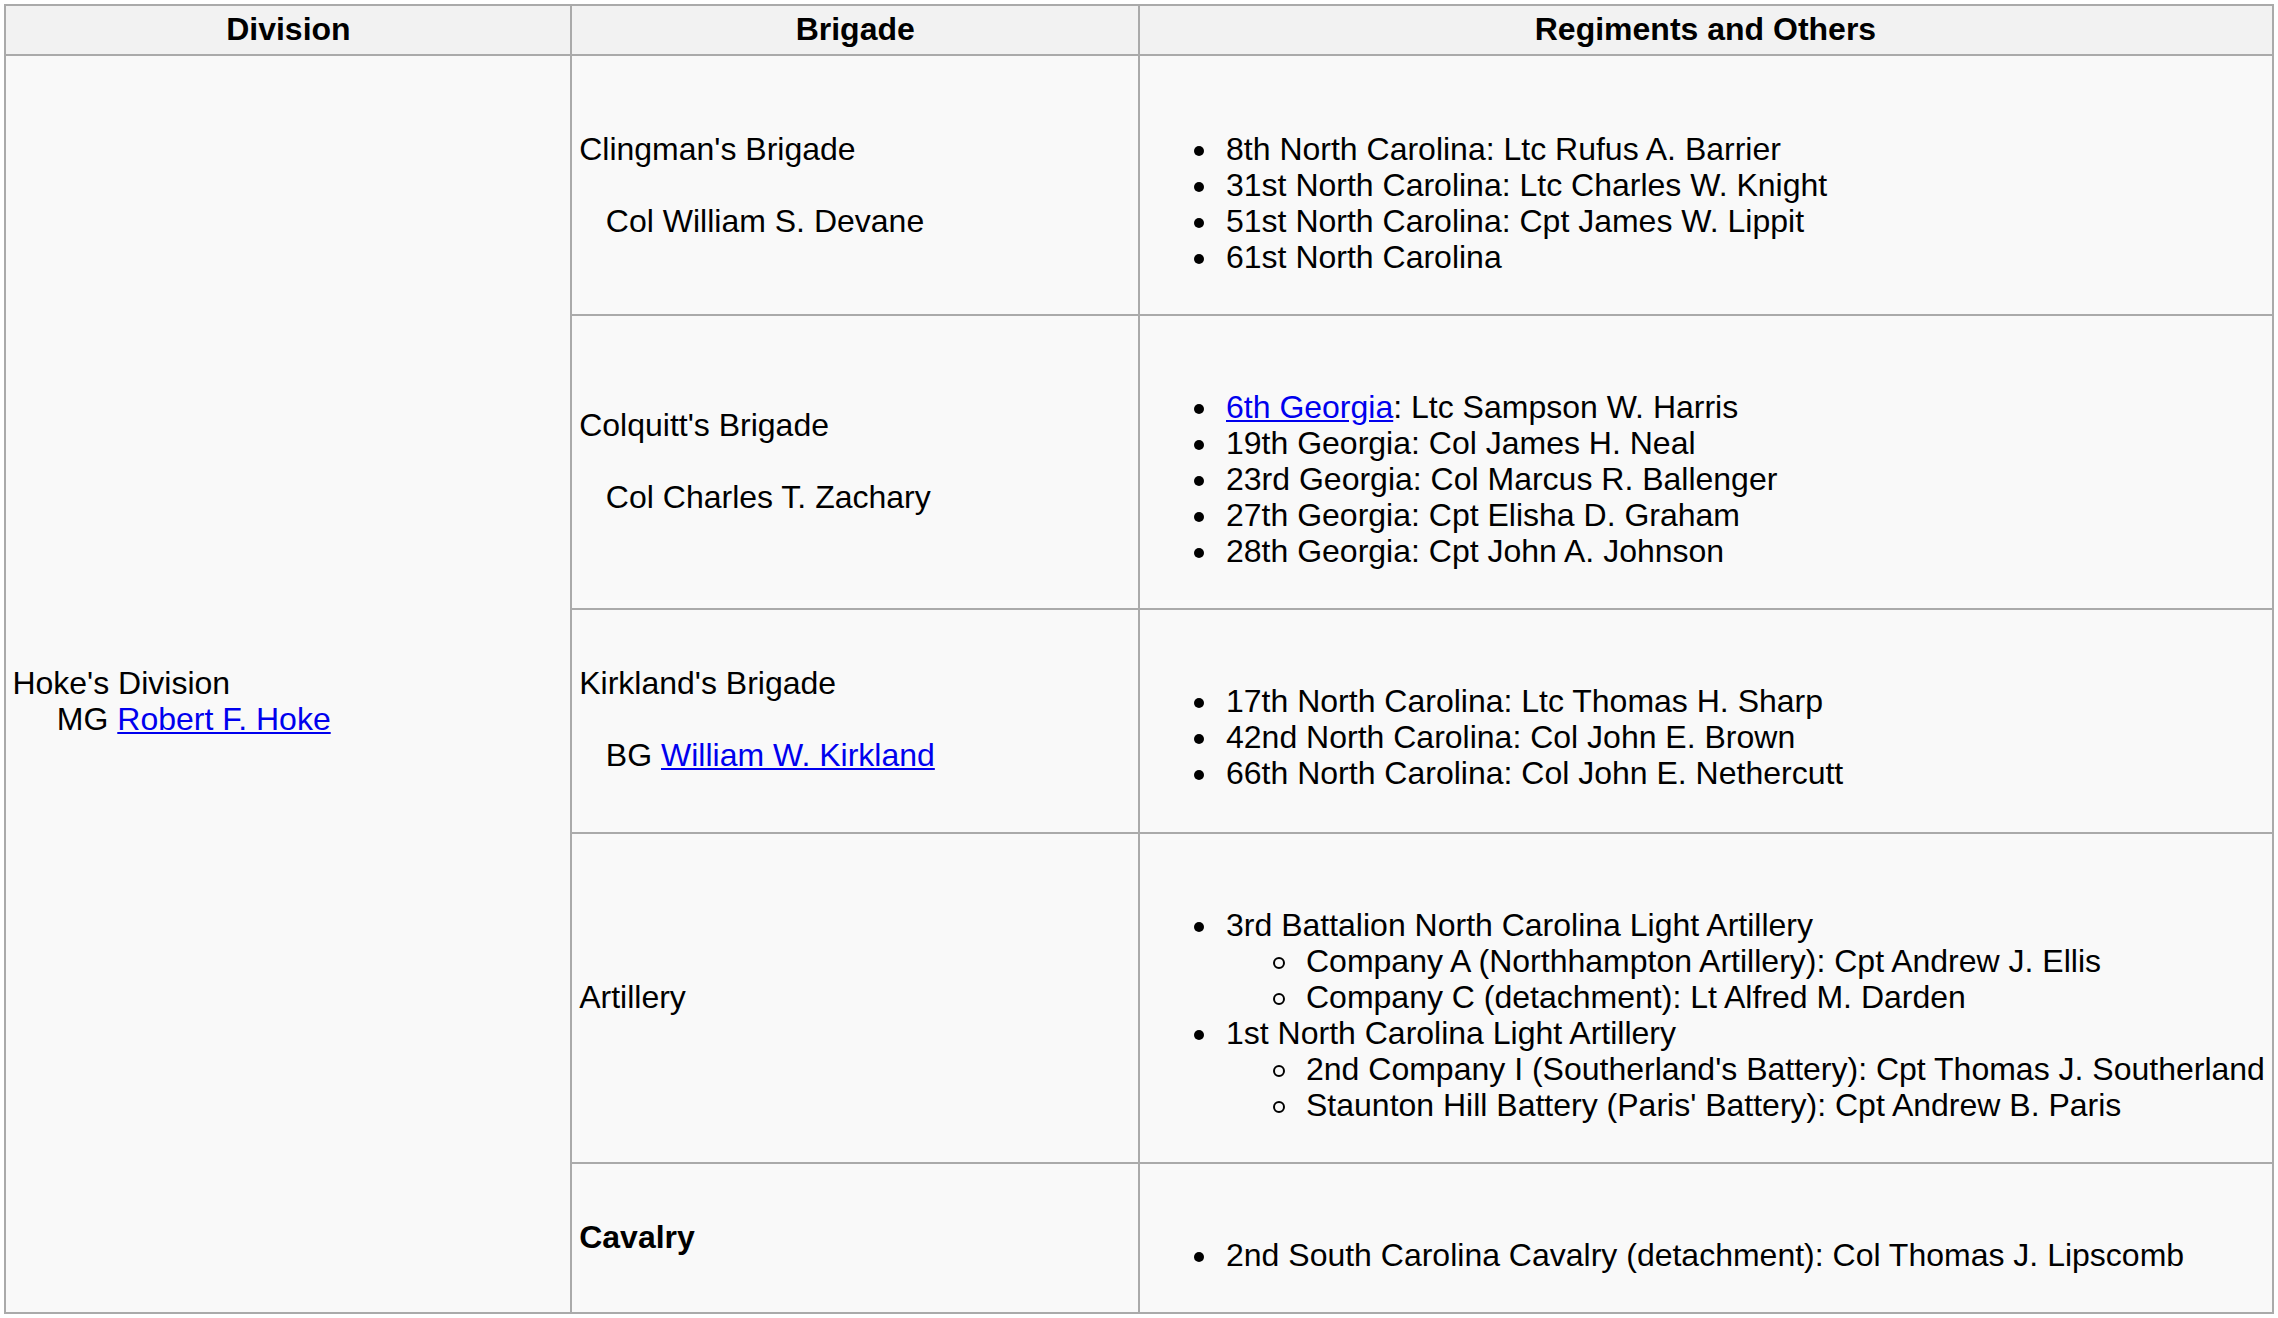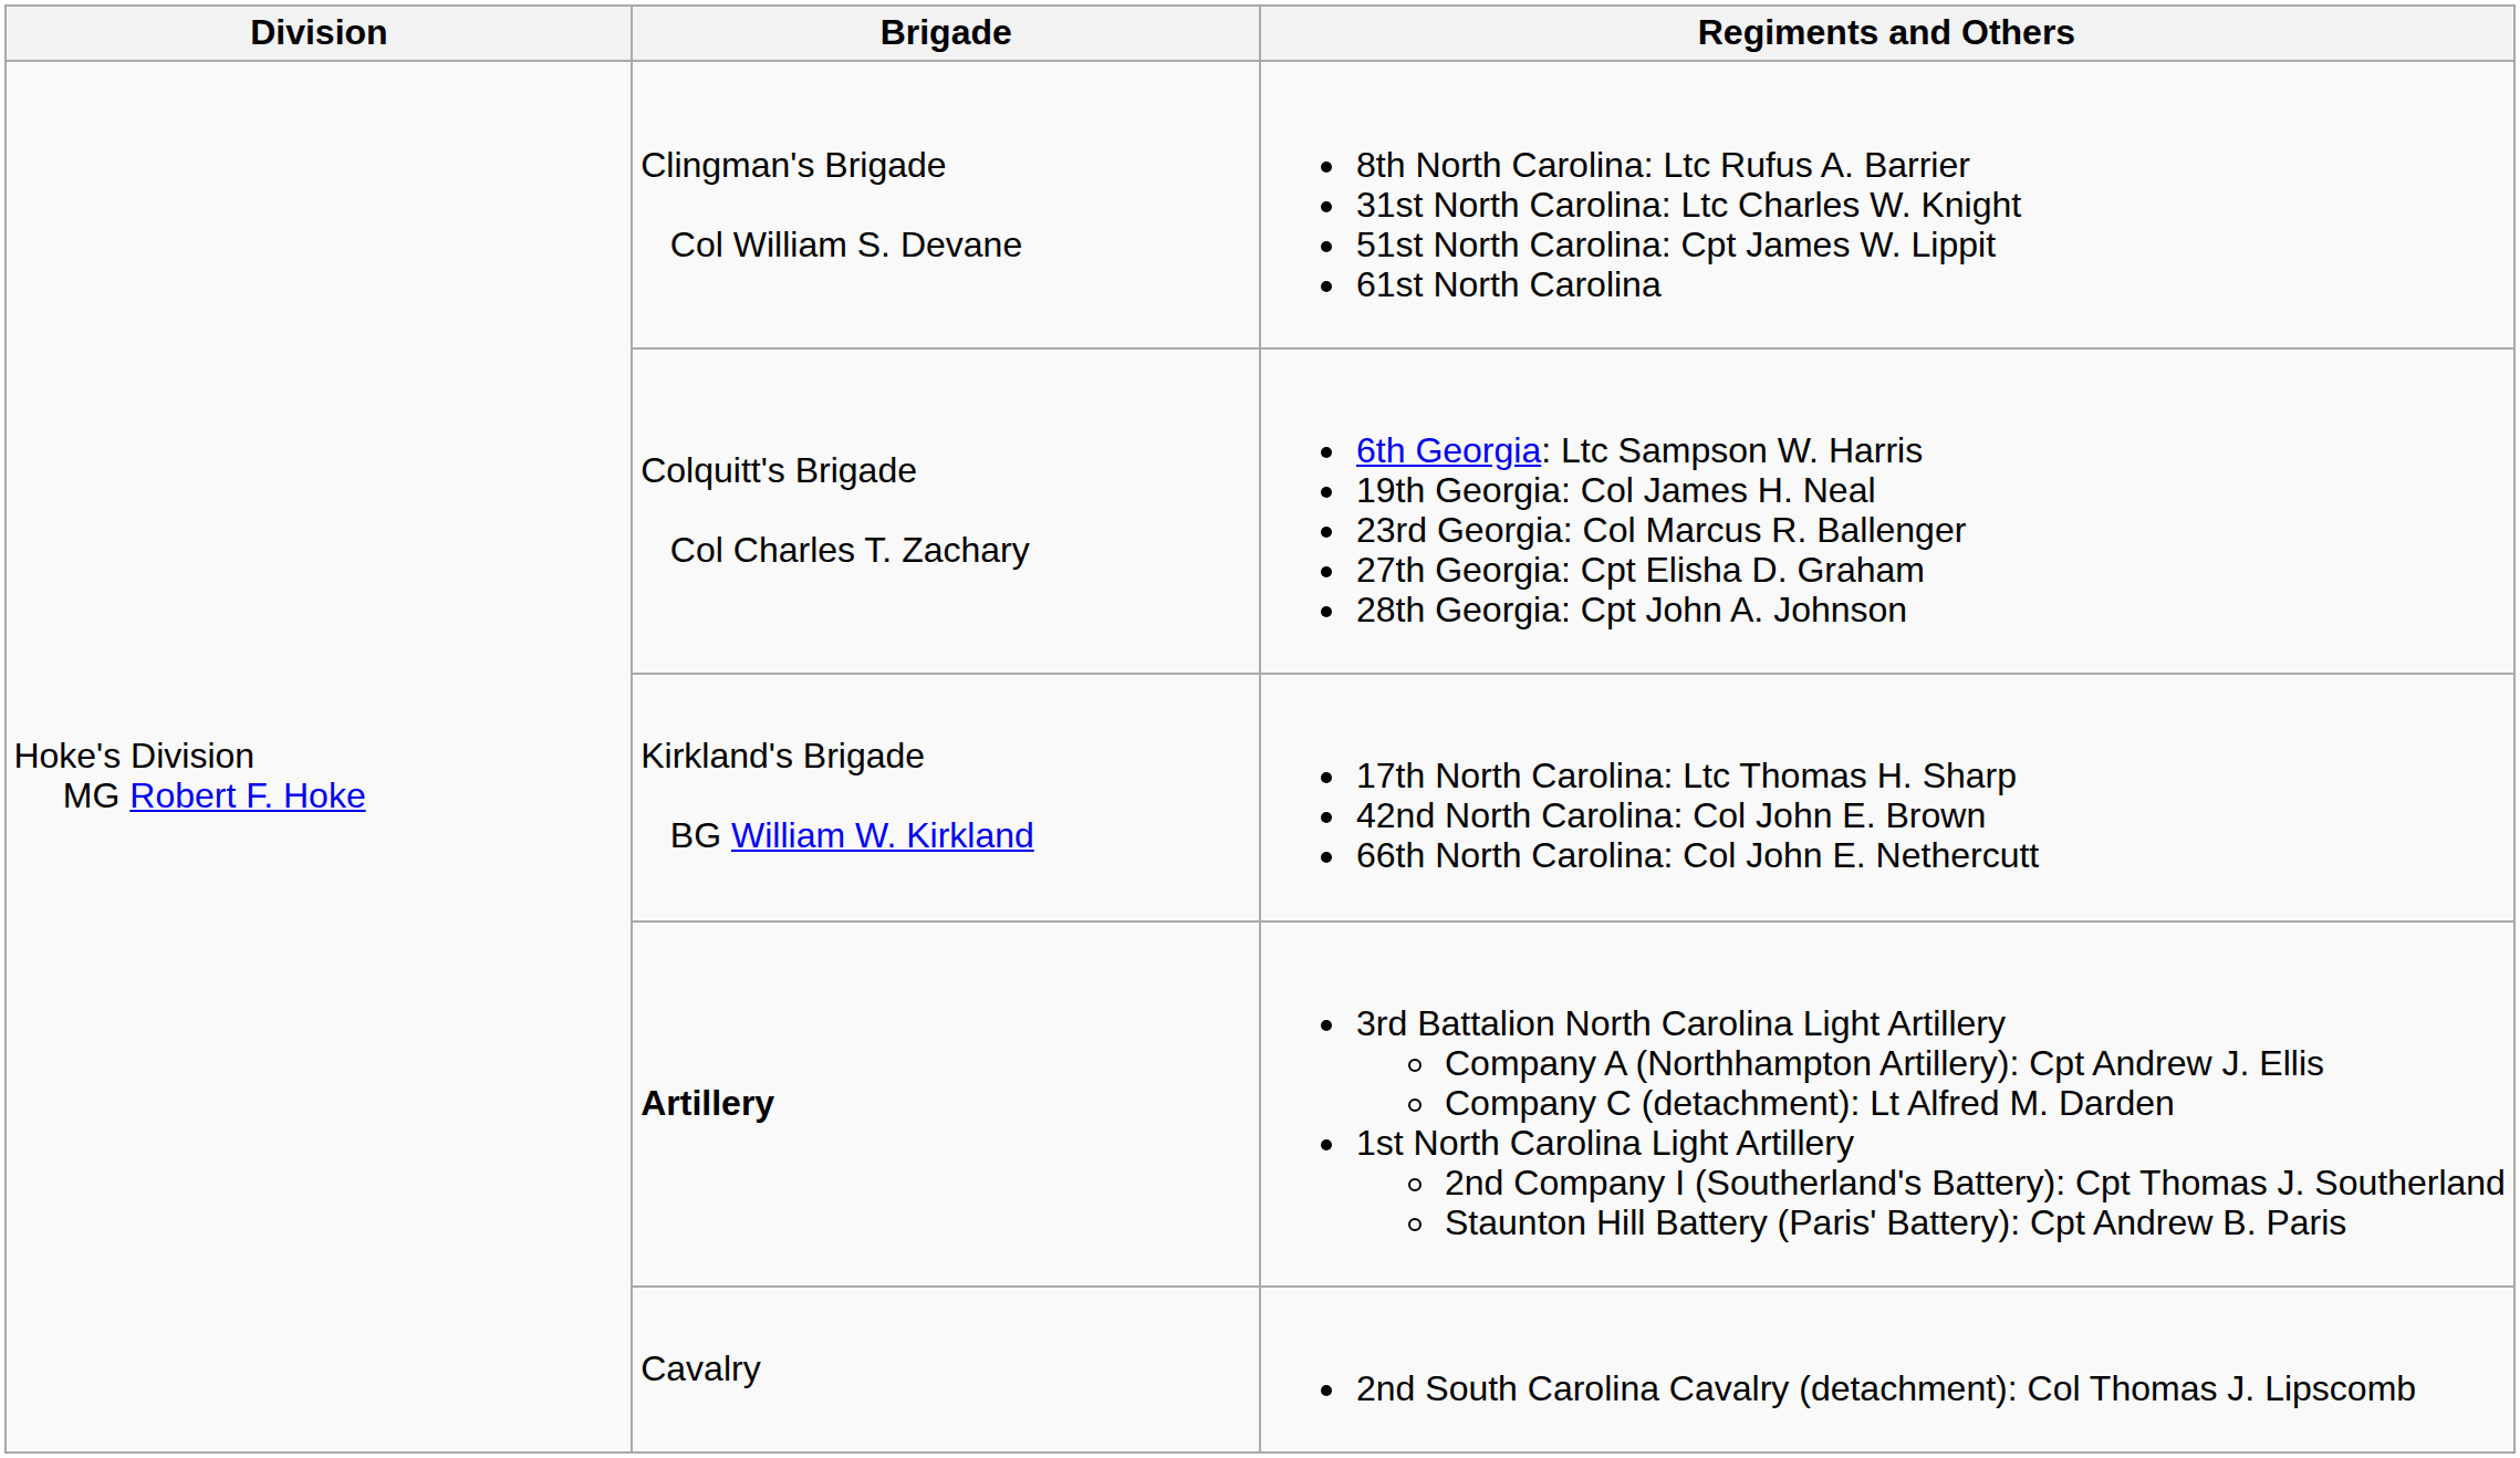 <table class="wikitable">
 <tr>
 <th width=25%>Division</th>
 <th width=25%>Brigade</th>
 <th>Regiments and Others</th>
 </tr>
 <tr>
 <td rowspan=5><br>Hoke's Division <br>     MG <a href='#'>Robert F. Hoke</a></td>
 <td>Clingman's Brigade<br><br>   Col William S. Devane</td>
 <td><br><ul><li>8th North Carolina:  Ltc Rufus A. Barrier</li><li>31st North Carolina: Ltc Charles W. Knight</li><li>51st North Carolina: Cpt James W. Lippit</li><li>61st North Carolina</li></ul></td>
 </tr>
 <tr>
 <td>Colquitt's Brigade<br><br>   Col Charles T. Zachary</td>
 <td><br><ul><li><a href='#'>6th Georgia</a>: Ltc Sampson W. Harris</li><li>19th Georgia: Col James H. Neal</li><li>23rd Georgia: Col Marcus R. Ballenger</li><li>27th Georgia: Cpt Elisha D. Graham</li><li>28th Georgia: Cpt John A. Johnson</li></ul></td>
 </tr>
 <tr>
 <td>Kirkland's Brigade<br><br>   BG <a href='#'>William W. Kirkland</a></td>
 <td><br><ul><li>17th North Carolina: Ltc Thomas H. Sharp</li><li>42nd North Carolina: Col John E. Brown</li><li>66th North Carolina: Col John E. Nethercutt</li></ul></td>
 </tr>
 <tr>
-<td>Artillery</td>
+<td><strong>Artillery</strong></td>
 <td><br><ul><li>3rd Battalion North Carolina Light Artillery<ul><li>Company A (Northhampton Artillery): Cpt Andrew J. Ellis</li><li>Company C (detachment): Lt Alfred M. Darden</li></ul></li><li>1st North Carolina Light Artillery<ul><li>2nd Company I (Southerland's Battery): Cpt Thomas J. Southerland</li><li>Staunton Hill Battery (Paris' Battery): Cpt Andrew B. Paris</li></ul></li></ul></td>
 </tr>
 <tr>
-<td><strong>Cavalry</strong></td>
+<td>Cavalry</td>
 <td><br><ul><li>2nd South Carolina Cavalry (detachment): Col Thomas J. Lipscomb</li></ul></td>
 </tr>
 </table>
